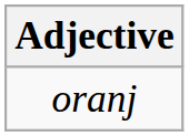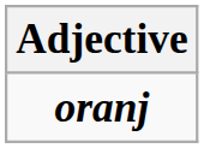 <table class="wikitable" style="text-align: center;">
 <tr>
 <th>Adjective</th>
 </tr>
 <tr>
-<td><em>oranj</em></td>
+<td><strong><em>oranj</em></strong></td>
 </tr>
 </table>
